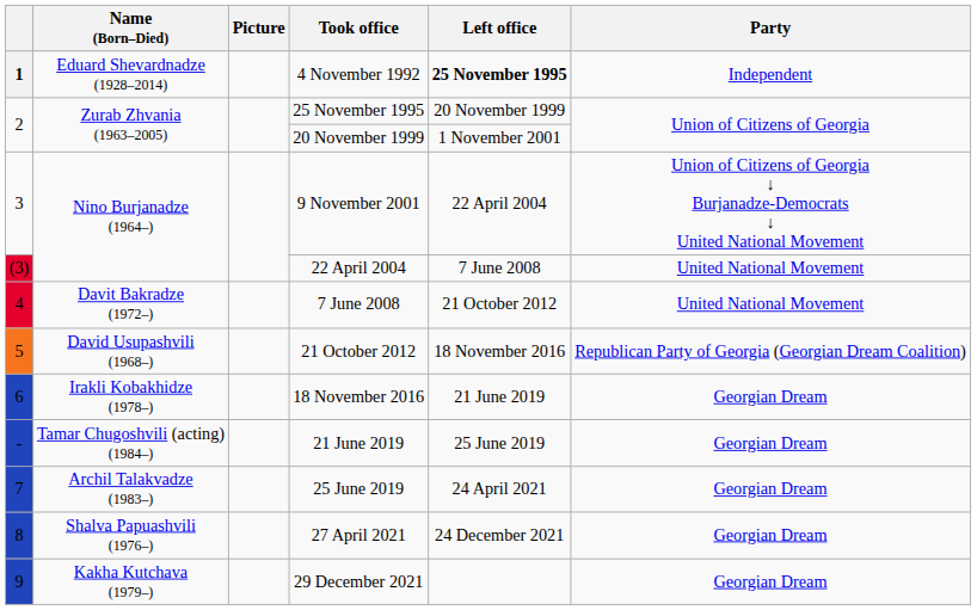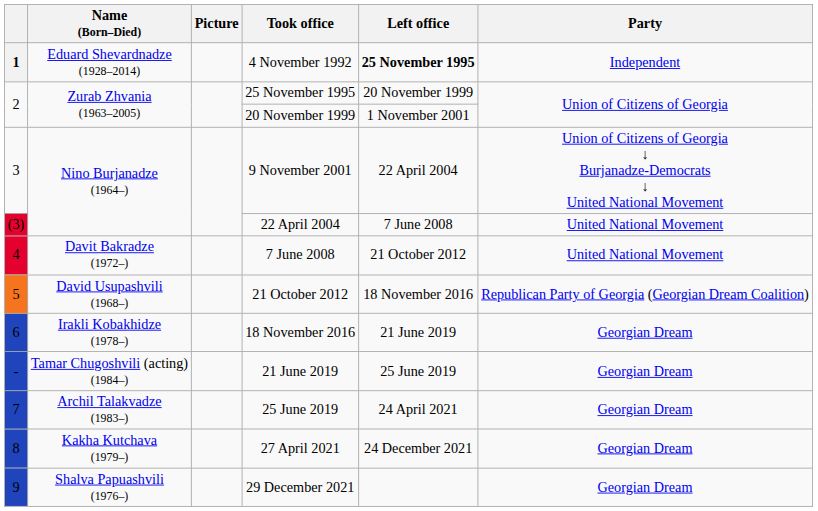 <table class="wikitable" style="text-align:center">
 <tr>
 <th></th>
 <th>Name<br><small>(Born–Died)</small></th>
 <th>Picture</th>
 <th>Took office</th>
 <th>Left office</th>
 <th>Party</th>
 </tr>
 <tr>
 <th style="background:">1</th>
 <td><a href='#'>Eduard Shevardnadze</a><br><small>(1928–2014)</small></td>
 <td></td>
 <td>4 November 1992</td>
 <td><strong>25 November 1995</strong></td>
 <td><a href='#'>Independent</a></td>
 </tr>
 <tr>
 <td rowspan="2">2</td>
 <td rowspan="2"><a href='#'>Zurab Zhvania</a><br><small>(1963–2005)</small></td>
 <td rowspan="2"></td>
 <td>25 November 1995</td>
 <td>20 November 1999</td>
 <td rowspan="2"><a href='#'>Union of Citizens of Georgia</a></td>
 </tr>
 <tr>
 <td>20 November 1999</td>
 <td>1 November 2001</td>
 </tr>
 <tr>
 <td 3 ! style="background:">3</td>
 <td rowspan="2"><a href='#'>Nino Burjanadze</a><br><small>(1964–)</small></td>
 <td rowspan="2"></td>
 <td>9 November 2001</td>
 <td>22 April 2004</td>
 <td><a href='#'>Union of Citizens of Georgia</a><br>↓<br><a href='#'>Burjanadze-Democrats</a><br>↓<br><a href='#'>United National Movement</a></td>
 </tr>
 <tr>
 <td (3) ! style="background:#e4012e">(3)</td>
 <td>22 April 2004</td>
 <td>7 June 2008</td>
 <td><a href='#'>United National Movement</a></td>
 </tr>
 <tr>
 <td 4 ! style="background:#e4012e">4</td>
 <td><a href='#'>Davit Bakradze</a><br><small>(1972–)</small></td>
 <td></td>
 <td>7 June 2008</td>
 <td>21 October 2012</td>
 <td><a href='#'>United National Movement</a></td>
 </tr>
 <tr>
 <td 5 ! style="background:#F6741E">5</td>
 <td><a href='#'>David Usupashvili</a><br><small>(1968–)</small></td>
 <td></td>
 <td>21 October 2012</td>
 <td>18 November 2016</td>
 <td><a href='#'>Republican Party of Georgia</a> (<a href='#'>Georgian Dream Coalition</a>)</td>
 </tr>
 <tr>
 <td 6 ! style="background:#2044BC">6</td>
 <td><a href='#'>Irakli Kobakhidze</a><br><small>(1978–)</small></td>
 <td></td>
 <td>18 November 2016</td>
 <td>21 June 2019</td>
 <td><a href='#'>Georgian Dream</a></td>
 </tr>
 <tr>
 <td 7 ! style="background:#2044BC">-</td>
 <td><a href='#'>Tamar Chugoshvili</a> (acting)<br><small>(1984–)</small></td>
 <td></td>
 <td>21 June 2019</td>
 <td>25 June 2019</td>
 <td><a href='#'>Georgian Dream</a></td>
 </tr>
 <tr>
 <td 8 ! style="background:#2044BC">7</td>
 <td><a href='#'>Archil Talakvadze</a><br><small>(1983–)</small></td>
 <td></td>
 <td>25 June 2019</td>
 <td>24 April 2021</td>
 <td><a href='#'>Georgian Dream</a></td>
 </tr>
 <tr>
 <td 9 ! style="background:#2044BC">8</td>
-<td><a href='#'>Shalva Papuashvili</a><br><small>(1976–)</small></td>
+<td><a href='#'>Kakha Kutchava</a><br><small>(1979–)</small></td>
 <td></td>
 <td>27 April 2021</td>
 <td>24 December 2021</td>
 <td><a href='#'>Georgian Dream</a></td>
 </tr>
 <tr>
 <td 10 ! style="background:#2044BC">9</td>
-<td><a href='#'>Kakha Kutchava</a><br><small>(1979–)</small></td>
+<td><a href='#'>Shalva Papuashvili</a><br><small>(1976–)</small></td>
 <td></td>
 <td>29 December 2021</td>
 <td></td>
 <td><a href='#'>Georgian Dream</a></td>
 </tr>
 </table>
